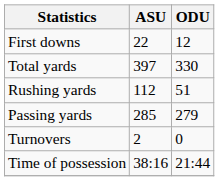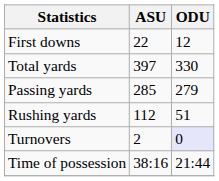 <table class="wikitable" style="float: left;">
 <tr>
 <th>Statistics</th>
 <th>ASU</th>
 <th>ODU</th>
 </tr>
 <tr>
 <td>First downs</td>
 <td>22</td>
 <td>12</td>
 </tr>
 <tr>
 <td>Total yards</td>
 <td>397</td>
 <td>330</td>
 </tr>
 <tr>
+<td>Passing yards</td>
+<td>285</td>
+<td>279</td>
+</tr>
+<tr>
 <td>Rushing yards</td>
 <td>112</td>
 <td>51</td>
 </tr>
 <tr>
-<td>Passing yards</td>
-<td>285</td>
-<td>279</td>
-</tr>
-<tr>
 <td>Turnovers</td>
 <td>2</td>
-<td>0</td>
+<td style="background: lavender;">0</td>
 </tr>
 <tr>
 <td>Time of possession</td>
 <td>38:16</td>
 <td>21:44</td>
 </tr>
 <tr>
 </tr>
 </table>
